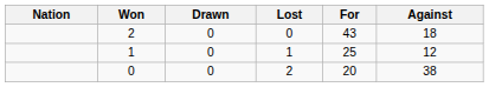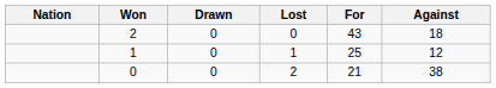 <table class="wikitable" style="width:50%;text-align:center">
 <tr>
 <th>Nation</th>
 <th>Won</th>
 <th>Drawn</th>
 <th>Lost</th>
 <th>For</th>
 <th>Against</th>
 </tr>
 <tr>
 <td align=left></td>
 <td>2</td>
 <td>0</td>
 <td>0</td>
 <td>43</td>
 <td>18</td>
 </tr>
 <tr>
 <td align=left></td>
 <td>1</td>
 <td>0</td>
 <td>1</td>
 <td>25</td>
 <td>12</td>
 </tr>
 <tr>
 <td align=left></td>
 <td>0</td>
 <td>0</td>
 <td>2</td>
-<td>20</td>
+<td>21</td>
 <td>38</td>
 </tr>
 </table>
